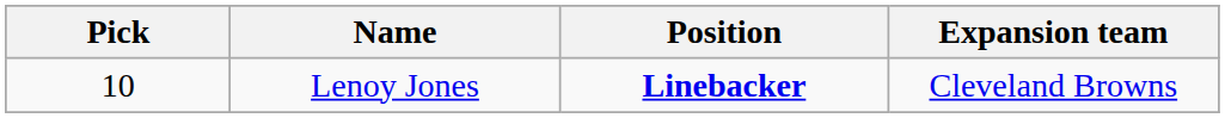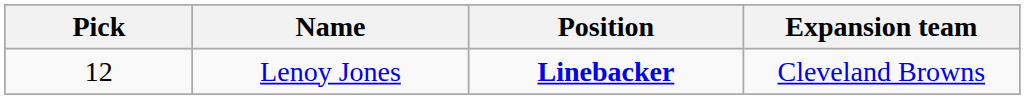 <table class="wikitable" style="text-align:center">
 <tr>
 <th width=100px>Pick</th>
 <th width=150px>Name</th>
 <th width=150px>Position</th>
 <th width=150px>Expansion team</th>
 </tr>
 <tr>
-<td>10</td>
+<td>12</td>
 <td><a href='#'>Lenoy Jones</a></td>
 <td><strong><a href='#'>Linebacker</a></strong></td>
 <td rowspan="2"><a href='#'>Cleveland Browns</a></td>
 </tr>
 </table>
